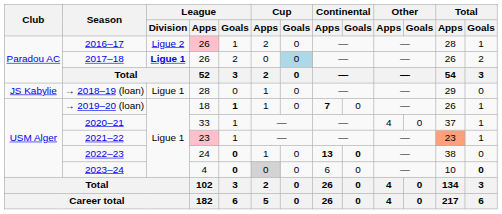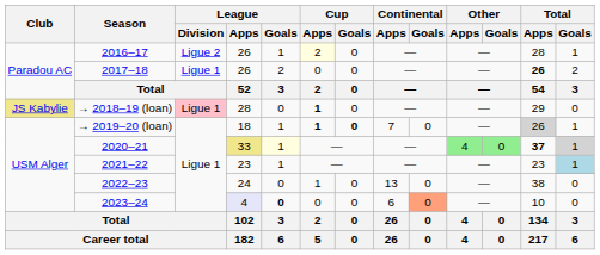 <table class="wikitable" style="text-align: center;">
 <tr>
 <th rowspan="2">Club</th>
 <th rowspan="2">Season</th>
 <th colspan="3">League</th>
 <th colspan="2">Cup</th>
 <th colspan="2">Continental</th>
 <th colspan="2">Other</th>
 <th colspan="2">Total</th>
 </tr>
 <tr>
 <th>Division</th>
 <th>Apps</th>
 <th>Goals</th>
 <th>Apps</th>
 <th>Goals</th>
 <th>Apps</th>
 <th>Goals</th>
 <th>Apps</th>
 <th>Goals</th>
 <th>Apps</th>
 <th>Goals</th>
 </tr>
 <tr>
 <td rowspan=3><a href='#'>Paradou AC</a></td>
 <td><a href='#'>2016–17</a></td>
 <td><a href='#'>Ligue 2</a></td>
-<td style="background: pink;">26</td>
+<td>26</td>
 <td>1</td>
-<td>2</td>
+<td style="background: lightyellow;">2</td>
 <td>0</td>
 <td colspan=2>—</td>
 <td colspan=2>—</td>
 <td>28</td>
 <td>1</td>
 </tr>
 <tr>
 <td><a href='#'>2017–18</a></td>
-<td><strong><a href='#'>Ligue 1</a></strong></td>
+<td><a href='#'>Ligue 1</a></td>
 <td>26</td>
 <td>2</td>
 <td>0</td>
-<td style="background: lightblue;">0</td>
+<td>0</td>
 <td colspan=2>—</td>
 <td colspan=2>—</td>
-<td>26</td>
+<td><strong>26</strong></td>
 <td>2</td>
 </tr>
 <tr>
 <th colspan="2">Total</th>
 <th>52</th>
 <th>3</th>
 <th>2</th>
 <th>0</th>
 <th colspan=2>—</th>
 <th colspan=2>—</th>
 <th>54</th>
 <th>3</th>
 </tr>
 <tr>
-<td><a href='#'>JS Kabylie</a></td>
+<td style="background: khaki;"><a href='#'>JS Kabylie</a></td>
 <td>→ <a href='#'>2018–19</a> (loan)</td>
-<td>Ligue 1</td>
+<td style="background: pink;">Ligue 1</td>
 <td>28</td>
 <td>0</td>
-<td>1</td>
+<td><strong>1</strong></td>
 <td>0</td>
 <td colspan=2>—</td>
 <td colspan=2>—</td>
 <td>29</td>
 <td>0</td>
 </tr>
 <tr>
 <td rowspan=5><a href='#'>USM Alger</a></td>
 <td>→ <a href='#'>2019–20</a> (loan)</td>
 <td rowspan=5>Ligue 1</td>
 <td>18</td>
+<td>1</td>
 <td><strong>1</strong></td>
-<td>1</td>
-<td>0</td>
-<td><strong>7</strong></td>
+<td><strong>0</strong></td>
+<td>7</td>
 <td>0</td>
 <td colspan=2>—</td>
-<td>26</td>
+<td style="background: lightgrey;">26</td>
 <td>1</td>
 </tr>
 <tr>
 <td><a href='#'>2020–21</a></td>
-<td>33</td>
-<td>1</td>
+<td style="background: khaki;">33</td>
+<td style="background: lightyellow;">1</td>
 <td colspan=2>—</td>
 <td colspan=2>—</td>
-<td>4</td>
-<td>0</td>
-<td>37</td>
-<td>1</td>
+<td style="background: lightgreen;">4</td>
+<td style="background: lightgreen;">0</td>
+<td><strong>37</strong></td>
+<td style="background: lightgrey;">1</td>
 </tr>
 <tr>
 <td><a href='#'>2021–22</a></td>
-<td style="background: pink;">23</td>
+<td>23</td>
 <td>1</td>
 <td colspan=2>—</td>
 <td colspan=2>—</td>
 <td colspan=2>—</td>
-<td style="background: lightsalmon;">23</td>
-<td>1</td>
+<td>23</td>
+<td style="background: lightblue;">1</td>
 </tr>
 <tr>
 <td><a href='#'>2022–23</a></td>
 <td>24</td>
-<td><strong>0</strong></td>
+<td>0</td>
 <td>1</td>
 <td>0</td>
-<td><strong>13</strong></td>
-<td><strong>0</strong></td>
+<td>13</td>
+<td>0</td>
 <td colspan=2>—</td>
 <td>38</td>
 <td>0</td>
 </tr>
 <tr>
 <td><a href='#'>2023–24</a></td>
-<td>4</td>
+<td style="background: lavender;">4</td>
 <td><strong>0</strong></td>
-<td style="background: lightgrey;">0</td>
+<td>0</td>
 <td>0</td>
 <td>6</td>
-<td>0</td>
+<td style="background: lightsalmon;">0</td>
 <td colspan=2>—</td>
 <td>10</td>
-<td><strong>0</strong></td>
+<td>0</td>
 </tr>
 <tr>
 <th colspan="3">Total</th>
 <th>102</th>
 <th>3</th>
 <th>2</th>
 <th>0</th>
 <th>26</th>
 <th>0</th>
 <th>4</th>
 <th>0</th>
 <th>134</th>
 <th>3</th>
 </tr>
 <tr>
 <th colspan="3">Career total</th>
 <th>182</th>
 <th>6</th>
 <th>5</th>
 <th>0</th>
 <th>26</th>
 <th>0</th>
 <th>4</th>
 <th>0</th>
 <th>217</th>
 <th>6</th>
 </tr>
 </table>
